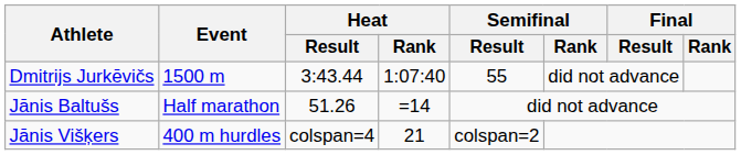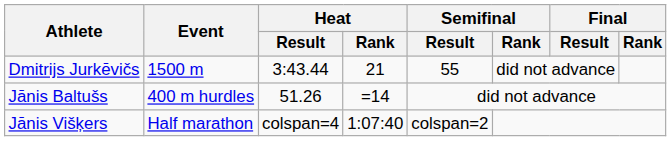 <table class="wikitable" style="font-size:90%">
 <tr>
 <th rowspan=2>Athlete</th>
 <th rowspan=2>Event</th>
 <th colspan=2>Heat</th>
 <th colspan=2>Semifinal</th>
 <th colspan=2>Final</th>
 </tr>
 <tr style="font-size:95%">
 <th>Result</th>
 <th>Rank</th>
 <th>Result</th>
 <th>Rank</th>
 <th>Result</th>
 <th>Rank</th>
 </tr>
 <tr align=center>
 <td align=left><a href='#'>Dmitrijs Jurkēvičs</a></td>
 <td style="text-align:left;"><a href='#'>1500 m</a></td>
 <td>3:43.44</td>
-<td>1:07:40</td>
+<td>21</td>
 <td>55</td>
 <td colspan=2>did not advance</td>
 </tr>
 <tr align=center>
 <td align=left><a href='#'>Jānis Baltušs</a></td>
-<td style="text-align:left;"><a href='#'>Half marathon</a></td>
+<td style="text-align:left;"><a href='#'>400 m hurdles</a></td>
 <td>51.26</td>
 <td>=14</td>
 <td colspan=4>did not advance</td>
 </tr>
 <tr align=center>
 <td align=left><a href='#'>Jānis Višķers</a></td>
-<td style="text-align:left;"><a href='#'>400 m hurdles</a></td>
+<td style="text-align:left;"><a href='#'>Half marathon</a></td>
 <td>colspan=4 </td>
-<td>21</td>
+<td>1:07:40</td>
 <td>colspan=2 </td>
 </tr>
 </table>
